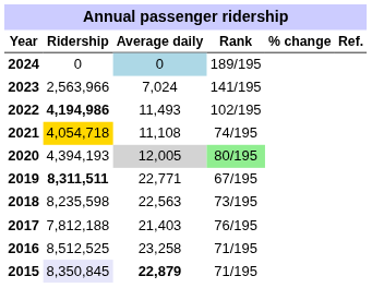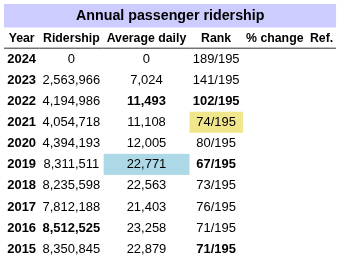 <table class="toccolours" cellpadding="4" cellspacing="0" style="text-align:right;">
 <tr>
 <th colspan="6"  style="background-color:#ccf; background-color:#ccf; font-size:110%; text-align:center;">Annual passenger ridership</th>
 </tr>
 <tr style="font-size:95%; text-align:center">
 <th style="border-bottom:1px solid black">Year</th>
 <th style="border-bottom:1px solid black">Ridership</th>
 <th style="border-bottom:1px solid black">Average daily</th>
 <th style="border-bottom:1px solid black">Rank</th>
 <th style="border-bottom:1px solid black">% change</th>
 <th style="border-bottom:1px solid black">Ref.</th>
 </tr>
 <tr style="text-align:center;">
 <td><strong>2024</strong></td>
 <td>0</td>
-<td style="background: lightblue;">0</td>
+<td>0</td>
 <td>189/195</td>
 <td></td>
 <td></td>
 </tr>
 <tr style="text-align:center;">
 <td><strong>2023</strong></td>
 <td>2,563,966</td>
 <td>7,024</td>
 <td>141/195</td>
 <td></td>
 <td></td>
 </tr>
 <tr style="text-align:center;">
 <td><strong>2022</strong></td>
-<td><strong>4,194,986</strong></td>
-<td>11,493</td>
-<td>102/195</td>
+<td>4,194,986</td>
+<td><strong>11,493</strong></td>
+<td><strong>102/195</strong></td>
 <td></td>
 <td></td>
 </tr>
 <tr style="text-align:center;">
 <td><strong>2021</strong></td>
-<td style="background: gold;">4,054,718</td>
+<td>4,054,718</td>
 <td>11,108</td>
-<td>74/195</td>
+<td style="background: khaki;">74/195</td>
 <td></td>
 <td></td>
 </tr>
 <tr style="text-align:center;">
 <td><strong>2020</strong></td>
 <td>4,394,193</td>
-<td style="background: lightgrey;">12,005</td>
-<td style="background: lightgreen;">80/195</td>
+<td>12,005</td>
+<td>80/195</td>
 <td></td>
 <td></td>
 </tr>
 <tr style="text-align:center;">
 <td><strong>2019</strong></td>
-<td><strong>8,311,511</strong></td>
-<td>22,771</td>
-<td>67/195</td>
+<td>8,311,511</td>
+<td style="background: lightblue;">22,771</td>
+<td><strong>67/195</strong></td>
 <td></td>
 <td></td>
 </tr>
 <tr style="text-align:center;">
 <td><strong>2018</strong></td>
 <td>8,235,598</td>
 <td>22,563</td>
 <td>73/195</td>
 <td></td>
 <td></td>
 </tr>
 <tr style="text-align:center;">
 <td><strong>2017</strong></td>
 <td>7,812,188</td>
 <td>21,403</td>
 <td>76/195</td>
 <td></td>
 <td></td>
 </tr>
 <tr style="text-align:center;">
 <td><strong>2016</strong></td>
-<td>8,512,525</td>
+<td><strong>8,512,525</strong></td>
 <td>23,258</td>
 <td>71/195</td>
 <td></td>
 <td></td>
 </tr>
 <tr style="text-align:center;">
 <td><strong>2015</strong></td>
-<td style="background: lavender;">8,350,845</td>
-<td><strong>22,879</strong></td>
-<td>71/195</td>
+<td>8,350,845</td>
+<td>22,879</td>
+<td><strong>71/195</strong></td>
 <td></td>
 <td></td>
 </tr>
 </table>
